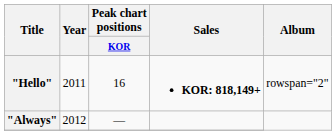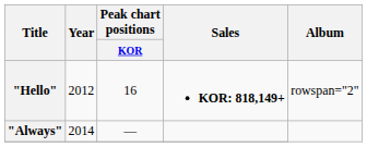 <table class="wikitable plainrowheaders" style="text-align:center;">
 <tr>
 <th scope="col" rowspan="2">Title</th>
 <th scope="col" rowspan="2">Year</th>
 <th scope="col" colspan="1">Peak chart <br> positions</th>
 <th scope="col" rowspan="2">Sales</th>
 <th scope="col" rowspan="2">Album</th>
 </tr>
 <tr>
 <th><small><a href='#'>KOR</a></small><br></th>
 </tr>
 <tr>
 <th scope="row">"Hello"<br></th>
-<td>2011</td>
+<td>2012</td>
 <td>16</td>
 <td><strong><br><ul><li>KOR: 818,149+</li></ul></strong></td>
 <td>rowspan="2" </td>
 </tr>
 <tr>
 <th scope="row">"Always"<br></th>
-<td>2012</td>
+<td>2014</td>
 <td>—</td>
 <td></td>
 </tr>
 <tr>
 </tr>
 </table>
